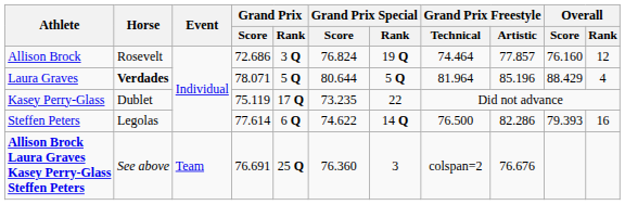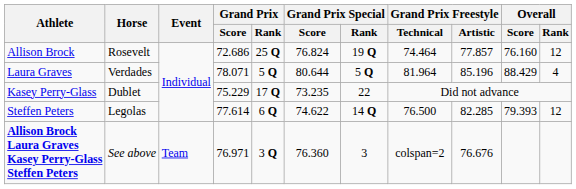 <table class=wikitable style=font-size:90%;text-align:center>
 <tr>
 <th rowspan=2>Athlete</th>
 <th rowspan=2>Horse</th>
 <th rowspan=2>Event</th>
 <th colspan=2>Grand Prix</th>
 <th colspan=2>Grand Prix Special</th>
 <th colspan=2>Grand Prix Freestyle</th>
 <th colspan=2>Overall</th>
 </tr>
 <tr style=font-size:95%>
 <th>Score</th>
 <th>Rank</th>
 <th>Score</th>
 <th>Rank</th>
 <th>Technical</th>
 <th>Artistic</th>
 <th>Score</th>
 <th>Rank</th>
 </tr>
 <tr>
 <td align=left><a href='#'>Allison Brock</a></td>
 <td align=left>Rosevelt</td>
 <td rowspan=4 align=left><a href='#'>Individual</a></td>
 <td>72.686</td>
-<td>3 <strong>Q</strong></td>
+<td>25 <strong>Q</strong></td>
 <td>76.824</td>
 <td>19 <strong>Q</strong></td>
 <td>74.464</td>
 <td>77.857</td>
 <td>76.160</td>
 <td>12</td>
 </tr>
 <tr>
 <td align=left><a href='#'>Laura Graves</a></td>
-<td align=left><strong>Verdades</strong></td>
+<td align=left>Verdades</td>
 <td>78.071</td>
 <td>5 <strong>Q</strong></td>
 <td>80.644</td>
 <td>5 <strong>Q</strong></td>
 <td>81.964</td>
 <td>85.196</td>
 <td>88.429</td>
 <td>4</td>
 </tr>
 <tr>
 <td align=left><a href='#'>Kasey Perry-Glass</a></td>
 <td align=left>Dublet</td>
-<td>75.119</td>
+<td>75.229</td>
 <td>17 <strong>Q</strong></td>
 <td>73.235</td>
 <td>22</td>
 <td colspan=4>Did not advance</td>
 </tr>
 <tr>
 <td align=left><a href='#'>Steffen Peters</a></td>
 <td align=left>Legolas</td>
 <td>77.614</td>
 <td>6 <strong>Q</strong></td>
 <td>74.622</td>
 <td>14 <strong>Q</strong></td>
 <td>76.500</td>
-<td>82.286</td>
+<td>82.285</td>
 <td>79.393</td>
-<td>16</td>
+<td>12</td>
 </tr>
 <tr>
 <td align=left><strong><a href='#'>Allison Brock</a><br><a href='#'>Laura Graves</a><br><a href='#'>Kasey Perry-Glass</a><br><a href='#'>Steffen Peters</a></strong></td>
 <td align=left><em>See above</em></td>
 <td align=left><a href='#'>Team</a></td>
-<td>76.691</td>
-<td>25 <strong>Q</strong></td>
+<td>76.971</td>
+<td>3 <strong>Q</strong></td>
 <td>76.360</td>
 <td>3</td>
 <td>colspan=2 </td>
 <td>76.676</td>
 <td></td>
 </tr>
 </table>
